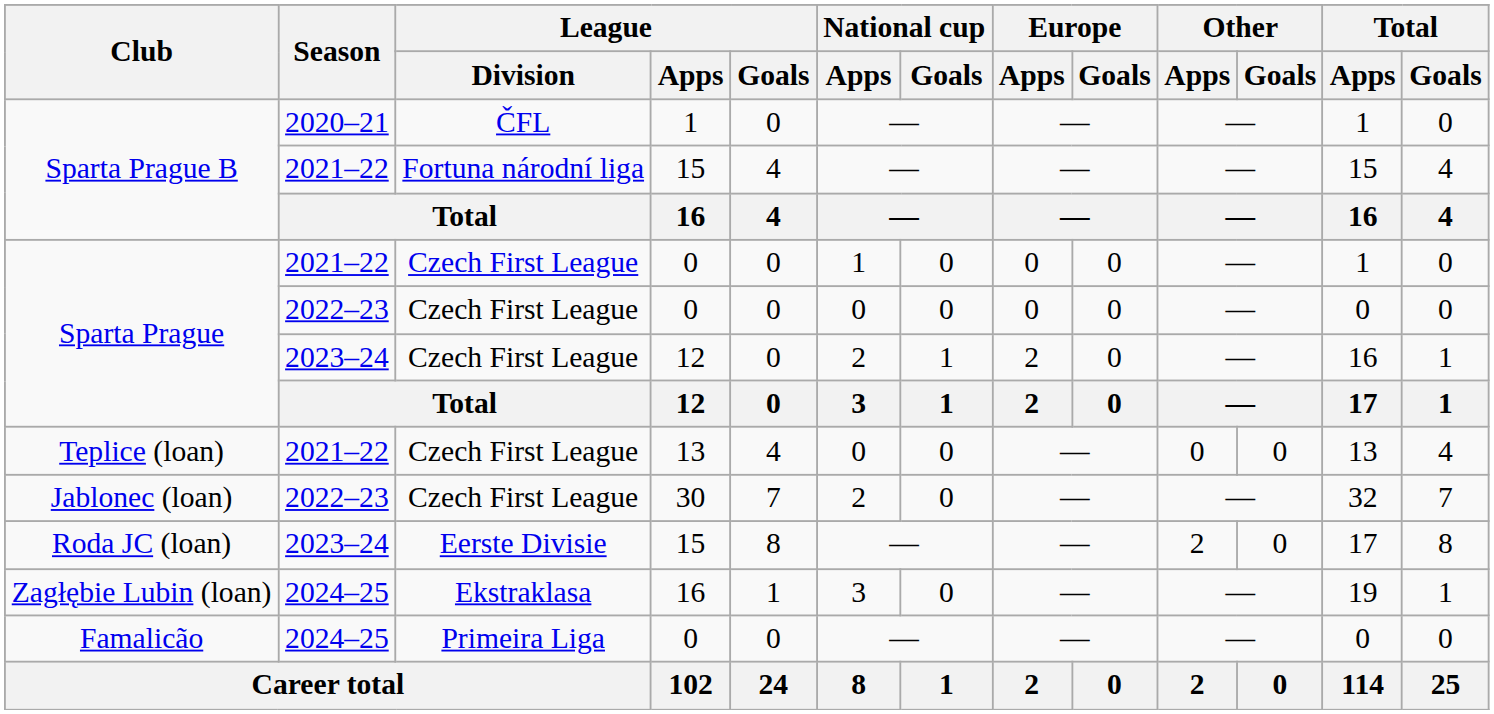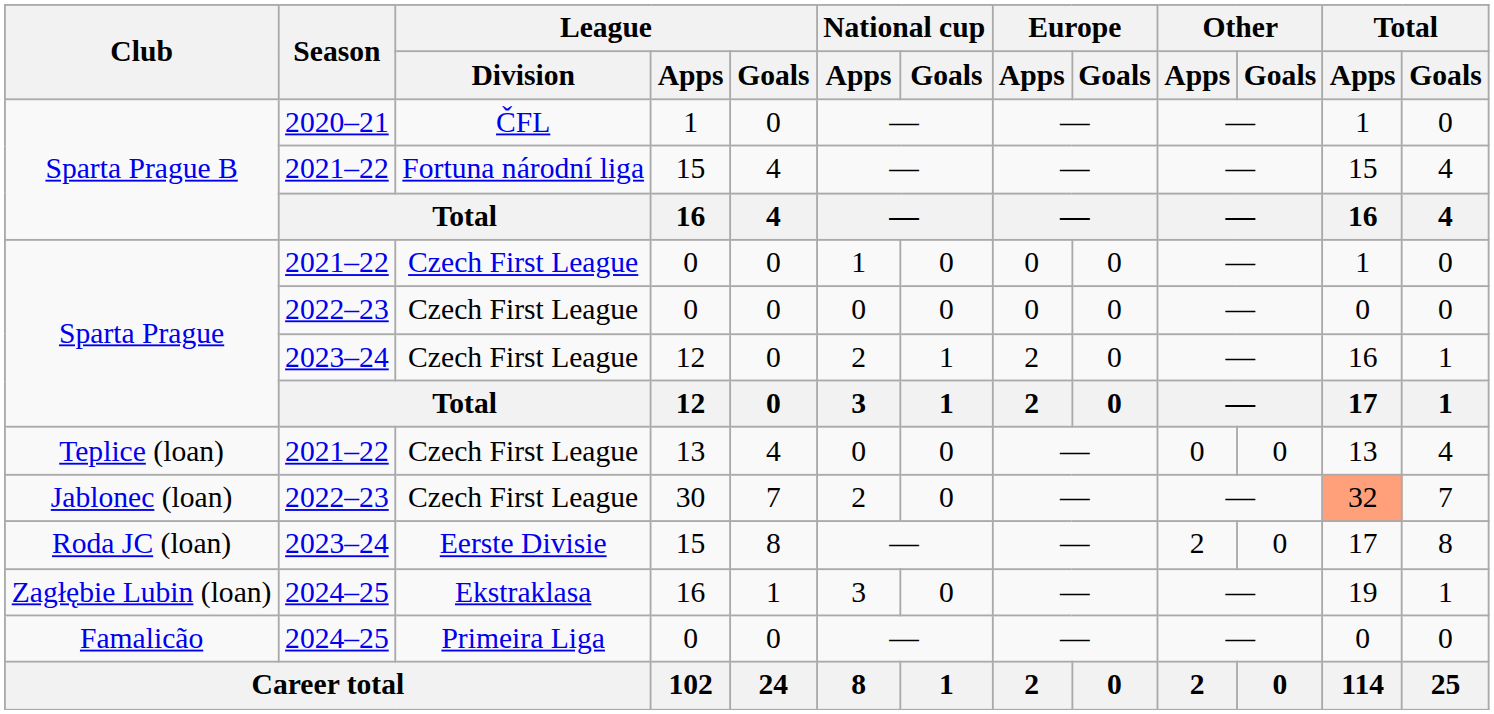 <table class="wikitable" style="text-align:center">
 <tr>
 <th rowspan="2">Club</th>
 <th rowspan="2">Season</th>
 <th colspan="3">League</th>
 <th colspan="2">National cup</th>
 <th colspan="2">Europe</th>
 <th colspan="2">Other</th>
 <th colspan="2">Total</th>
 </tr>
 <tr>
 <th>Division</th>
 <th>Apps</th>
 <th>Goals</th>
 <th>Apps</th>
 <th>Goals</th>
 <th>Apps</th>
 <th>Goals</th>
 <th>Apps</th>
 <th>Goals</th>
 <th>Apps</th>
 <th>Goals</th>
 </tr>
 <tr>
 <td rowspan="3"><a href='#'>Sparta Prague B</a></td>
 <td><a href='#'>2020–21</a></td>
 <td><a href='#'>ČFL</a></td>
 <td>1</td>
 <td>0</td>
 <td colspan="2">—</td>
 <td colspan="2">—</td>
 <td colspan="2">—</td>
 <td>1</td>
 <td>0</td>
 </tr>
 <tr>
 <td><a href='#'>2021–22</a></td>
 <td><a href='#'>Fortuna národní liga</a></td>
 <td>15</td>
 <td>4</td>
 <td colspan="2">—</td>
 <td colspan="2">—</td>
 <td colspan="2">—</td>
 <td>15</td>
 <td>4</td>
 </tr>
 <tr>
 <th colspan="2">Total</th>
 <th>16</th>
 <th>4</th>
 <th colspan="2">—</th>
 <th colspan="2">—</th>
 <th colspan="2">—</th>
 <th>16</th>
 <th>4</th>
 </tr>
 <tr>
 <td rowspan="4"><a href='#'>Sparta Prague</a></td>
 <td><a href='#'>2021–22</a></td>
 <td><a href='#'>Czech First League</a></td>
 <td>0</td>
 <td>0</td>
 <td>1</td>
 <td>0</td>
 <td>0</td>
 <td>0</td>
 <td colspan="2">—</td>
 <td>1</td>
 <td>0</td>
 </tr>
 <tr>
 <td><a href='#'>2022–23</a></td>
 <td>Czech First League</td>
 <td>0</td>
 <td>0</td>
 <td>0</td>
 <td>0</td>
 <td>0</td>
 <td>0</td>
 <td colspan="2">—</td>
 <td>0</td>
 <td>0</td>
 </tr>
 <tr>
 <td><a href='#'>2023–24</a></td>
 <td>Czech First League</td>
 <td>12</td>
 <td>0</td>
 <td>2</td>
 <td>1</td>
 <td>2</td>
 <td>0</td>
 <td colspan="2">—</td>
 <td>16</td>
 <td>1</td>
 </tr>
 <tr>
 <th colspan="2">Total</th>
 <th>12</th>
 <th>0</th>
 <th>3</th>
 <th>1</th>
 <th>2</th>
 <th>0</th>
 <th colspan="2">—</th>
 <th>17</th>
 <th>1</th>
 </tr>
 <tr>
 <td><a href='#'>Teplice</a> (loan)</td>
 <td><a href='#'>2021–22</a></td>
 <td>Czech First League</td>
 <td>13</td>
 <td>4</td>
 <td>0</td>
 <td>0</td>
 <td colspan="2">—</td>
 <td>0</td>
 <td>0</td>
 <td>13</td>
 <td>4</td>
 </tr>
 <tr>
 <td><a href='#'>Jablonec</a> (loan)</td>
 <td><a href='#'>2022–23</a></td>
 <td>Czech First League</td>
 <td>30</td>
 <td>7</td>
 <td>2</td>
 <td>0</td>
 <td colspan="2">—</td>
 <td colspan="2">—</td>
-<td>32</td>
+<td style="background: lightsalmon;">32</td>
 <td>7</td>
 </tr>
 <tr>
 <td><a href='#'>Roda JC</a> (loan)</td>
 <td><a href='#'>2023–24</a></td>
 <td><a href='#'>Eerste Divisie</a></td>
 <td>15</td>
 <td>8</td>
 <td colspan="2">—</td>
 <td colspan="2">—</td>
 <td>2</td>
 <td>0</td>
 <td>17</td>
 <td>8</td>
 </tr>
 <tr>
 <td><a href='#'>Zagłębie Lubin</a> (loan)</td>
 <td><a href='#'>2024–25</a></td>
 <td><a href='#'>Ekstraklasa</a></td>
 <td>16</td>
 <td>1</td>
 <td>3</td>
 <td>0</td>
 <td colspan="2">—</td>
 <td colspan="2">—</td>
 <td>19</td>
 <td>1</td>
 </tr>
 <tr>
 <td><a href='#'>Famalicão</a></td>
 <td><a href='#'>2024–25</a></td>
 <td><a href='#'>Primeira Liga</a></td>
 <td>0</td>
 <td>0</td>
 <td colspan="2">—</td>
 <td colspan="2">—</td>
 <td colspan="2">—</td>
 <td>0</td>
 <td>0</td>
 </tr>
 <tr>
 <th colspan="3">Career total</th>
 <th>102</th>
 <th>24</th>
 <th>8</th>
 <th>1</th>
 <th>2</th>
 <th>0</th>
 <th>2</th>
 <th>0</th>
 <th>114</th>
 <th>25</th>
 </tr>
 </table>
